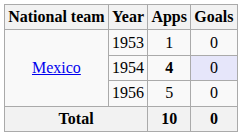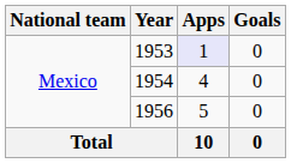 <table class="wikitable" style="text-align:center">
 <tr>
 <th>National team</th>
 <th>Year</th>
 <th>Apps</th>
 <th>Goals</th>
 </tr>
 <tr>
 <td rowspan="3"><a href='#'>Mexico</a></td>
 <td>1953</td>
-<td>1</td>
+<td style="background: lavender;">1</td>
 <td>0</td>
 </tr>
 <tr>
 <td>1954</td>
-<td><strong>4</strong></td>
-<td style="background: lavender;">0</td>
+<td>4</td>
+<td>0</td>
 </tr>
 <tr>
 <td>1956</td>
 <td>5</td>
 <td>0</td>
 </tr>
 <tr>
 <th colspan="2">Total</th>
 <th>10</th>
 <th>0</th>
 </tr>
 </table>
